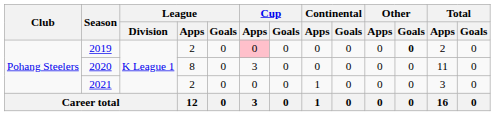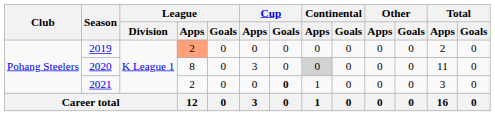 <table class="wikitable" style="text-align: center">
 <tr>
 <th rowspan="2">Club</th>
 <th rowspan="2">Season</th>
 <th colspan="3">League</th>
 <th colspan="2"><a href='#'>Cup</a></th>
 <th colspan="2">Continental</th>
 <th colspan="2">Other</th>
 <th colspan="2">Total</th>
 </tr>
 <tr>
 <th>Division</th>
 <th>Apps</th>
 <th>Goals</th>
 <th>Apps</th>
 <th>Goals</th>
 <th>Apps</th>
 <th>Goals</th>
 <th>Apps</th>
 <th>Goals</th>
 <th>Apps</th>
 <th>Goals</th>
 </tr>
 <tr>
 <td rowspan="3"><a href='#'>Pohang Steelers</a></td>
 <td><a href='#'>2019</a></td>
 <td rowspan="3"><a href='#'>K League 1</a></td>
-<td>2</td>
-<td>0</td>
-<td style="background: pink;">0</td>
+<td style="background: lightsalmon;">2</td>
 <td>0</td>
 <td>0</td>
 <td>0</td>
 <td>0</td>
-<td><strong>0</strong></td>
+<td>0</td>
+<td>0</td>
+<td>0</td>
 <td>2</td>
 <td>0</td>
 </tr>
 <tr>
 <td><a href='#'>2020</a></td>
 <td>8</td>
 <td>0</td>
 <td>3</td>
 <td>0</td>
-<td>0</td>
+<td style="background: lightgrey;">0</td>
 <td>0</td>
 <td>0</td>
 <td>0</td>
 <td>11</td>
 <td>0</td>
 </tr>
 <tr>
 <td><a href='#'>2021</a></td>
 <td>2</td>
 <td>0</td>
 <td>0</td>
-<td>0</td>
+<td><strong>0</strong></td>
 <td>1</td>
 <td>0</td>
 <td>0</td>
 <td>0</td>
 <td>3</td>
 <td>0</td>
 </tr>
 <tr>
 <th colspan=3>Career total</th>
 <th>12</th>
 <th>0</th>
 <th>3</th>
 <th>0</th>
 <th>1</th>
 <th>0</th>
 <th>0</th>
 <th>0</th>
 <th>16</th>
 <th>0</th>
 </tr>
 </table>
